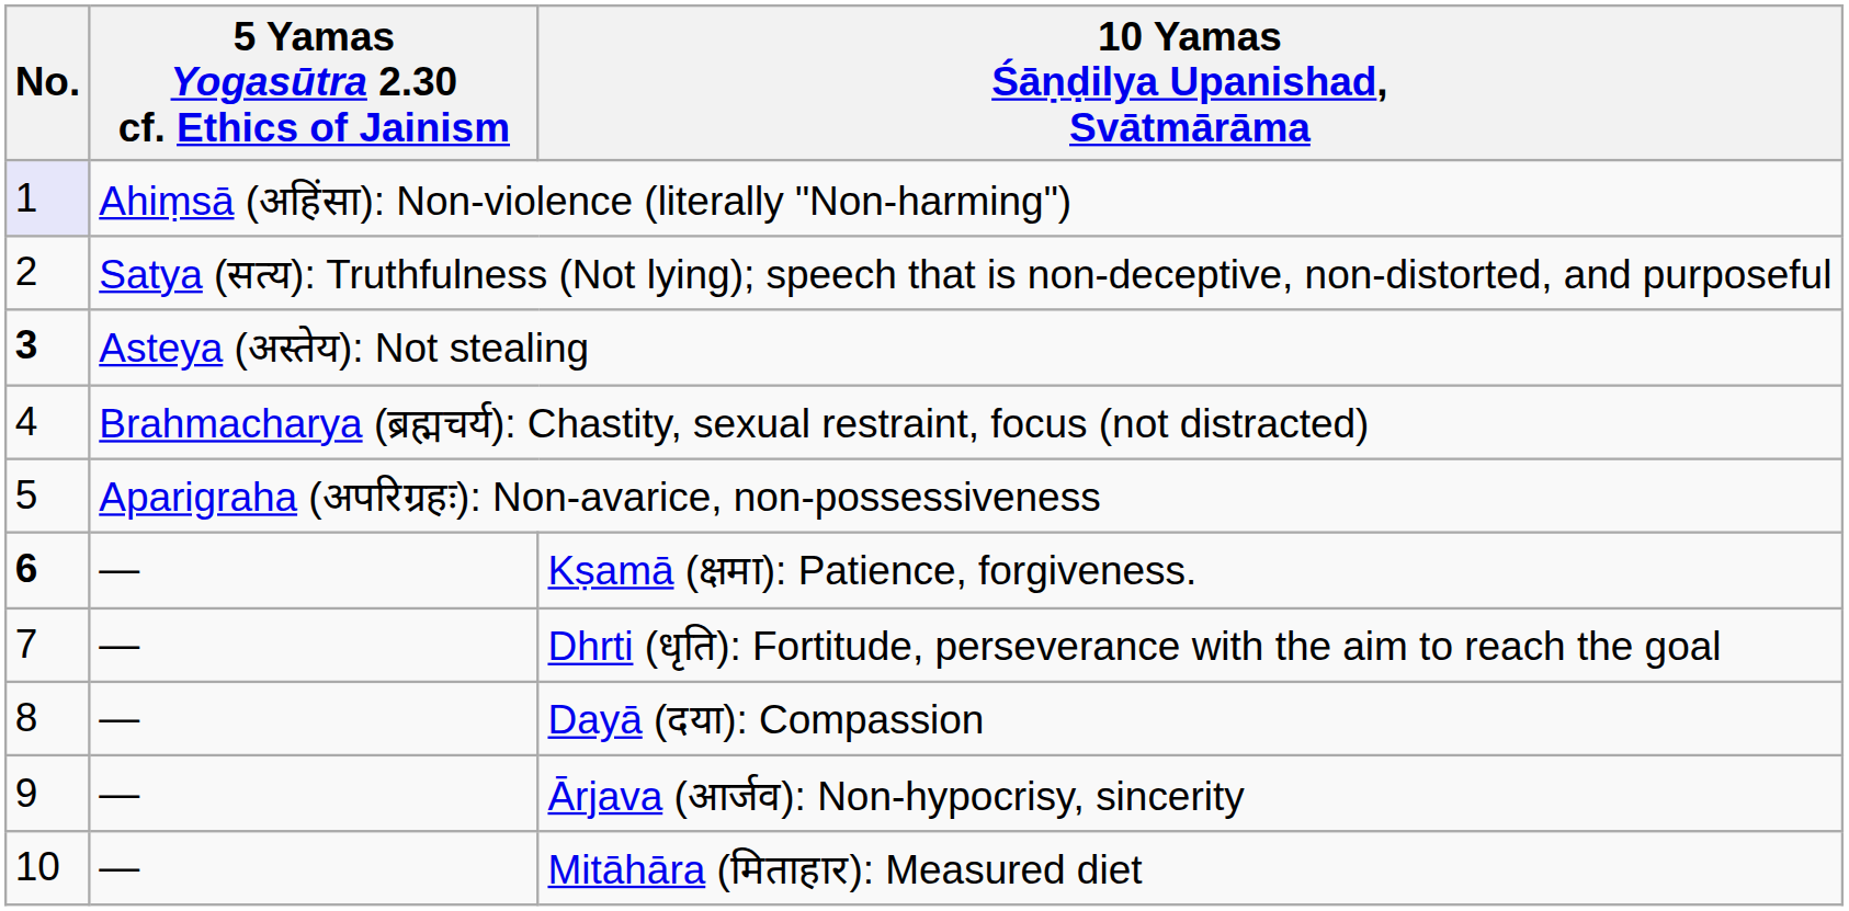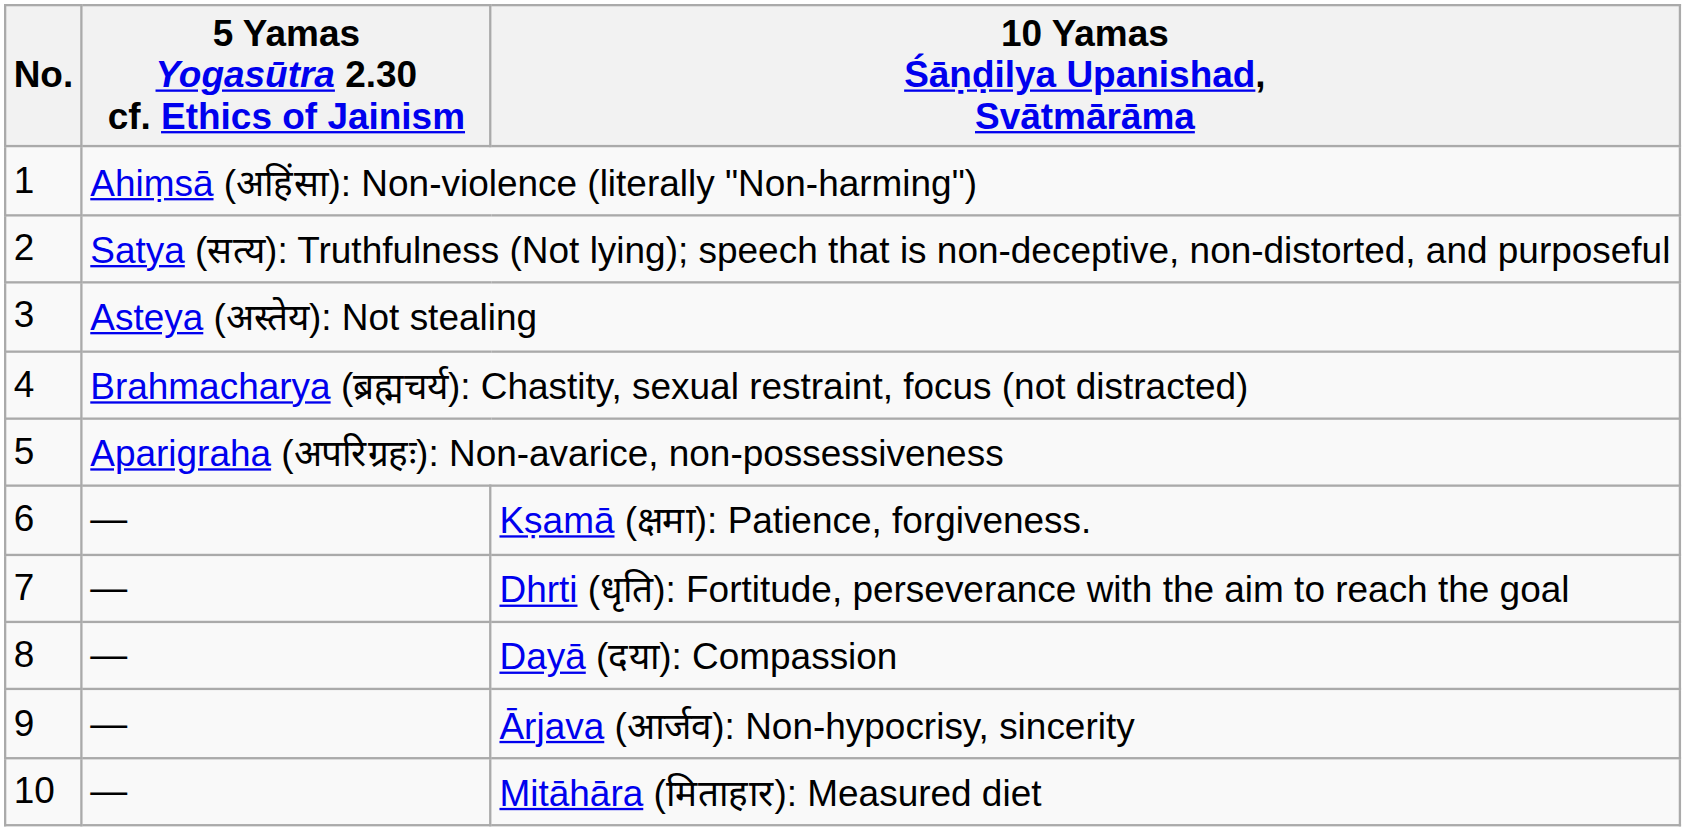 <table class="wikitable">
 <tr>
 <th>No.</th>
 <th>5 Yamas<br><a href='#'><em>Yogasūtra</em></a> 2.30<br>cf. <a href='#'>Ethics of Jainism</a></th>
 <th>10 Yamas<br><a href='#'>Śāṇḍilya Upanishad</a>,<br><a href='#'>Svātmārāma</a></th>
 </tr>
 <tr>
-<td style="background: lavender;">1</td>
+<td>1</td>
 <td colspan="2"><a href='#'>Ahiṃsā</a> (अहिंसा): Non-violence (literally "Non-harming")</td>
 </tr>
 <tr>
 <td>2</td>
 <td colspan="2"><a href='#'>Satya</a> (सत्य): Truthfulness (Not lying); speech that is non-deceptive, non-distorted, and purposeful</td>
 </tr>
 <tr>
-<td><strong>3</strong></td>
+<td>3</td>
 <td colspan="2"><a href='#'>Asteya</a> (अस्तेय): Not stealing</td>
 </tr>
 <tr>
 <td>4</td>
 <td colspan="2"><a href='#'>Brahmacharya</a> (ब्रह्मचर्य): Chastity, sexual restraint, focus (not distracted)</td>
 </tr>
 <tr>
 <td>5</td>
 <td colspan="2"><a href='#'>Aparigraha</a> (अपरिग्रहः): Non-avarice, non-possessiveness</td>
 </tr>
 <tr>
-<td><strong>6</strong></td>
+<td>6</td>
 <td>—</td>
 <td><a href='#'>Kṣamā</a> (क्षमा): Patience, forgiveness.</td>
 </tr>
 <tr>
 <td>7</td>
 <td>—</td>
 <td><a href='#'>Dhrti</a> (धृति): Fortitude, perseverance with the aim to reach the goal</td>
 </tr>
 <tr>
 <td>8</td>
 <td>—</td>
 <td><a href='#'>Dayā</a> (दया): Compassion</td>
 </tr>
 <tr>
 <td>9</td>
 <td>—</td>
 <td><a href='#'>Ārjava</a> (आर्जव): Non-hypocrisy, sincerity</td>
 </tr>
 <tr>
 <td>10</td>
 <td>—</td>
 <td><a href='#'>Mitāhāra</a> (मिताहार): Measured diet</td>
 </tr>
 </table>
